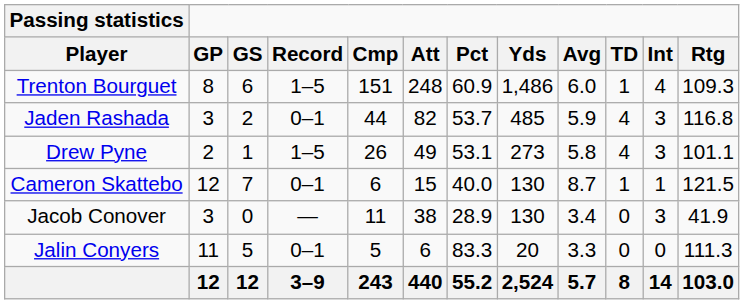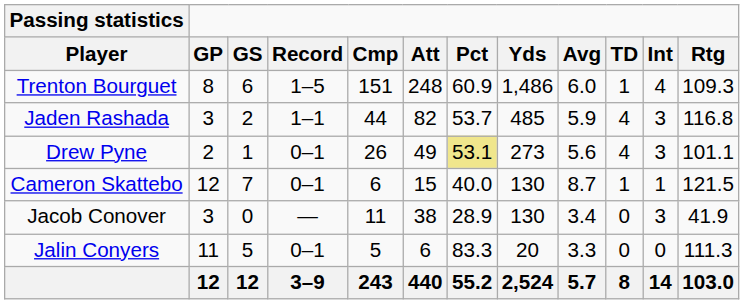 <table class="wikitable sortable" style="text-align:center;">
 <tr>
 <th style="text-align:center; ">Passing statistics</th>
 </tr>
 <tr>
 <th>Player</th>
 <th>GP</th>
 <th>GS</th>
 <th>Record</th>
 <th>Cmp</th>
 <th>Att</th>
 <th>Pct</th>
 <th>Yds</th>
 <th>Avg</th>
 <th>TD</th>
 <th>Int</th>
 <th>Rtg</th>
 </tr>
 <tr>
 <td><a href='#'>Trenton Bourguet</a></td>
 <td>8</td>
 <td>6</td>
 <td>1–5</td>
 <td>151</td>
 <td>248</td>
 <td>60.9</td>
 <td>1,486</td>
 <td>6.0</td>
 <td>1</td>
 <td>4</td>
 <td>109.3</td>
 </tr>
 <tr>
 <td><a href='#'>Jaden Rashada</a></td>
 <td>3</td>
 <td>2</td>
-<td>0–1</td>
+<td>1–1</td>
 <td>44</td>
 <td>82</td>
 <td>53.7</td>
 <td>485</td>
 <td>5.9</td>
 <td>4</td>
 <td>3</td>
 <td>116.8</td>
 </tr>
 <tr>
 <td><a href='#'>Drew Pyne</a></td>
 <td>2</td>
 <td>1</td>
-<td>1–5</td>
+<td>0–1</td>
 <td>26</td>
 <td>49</td>
-<td>53.1</td>
+<td style="background: khaki;">53.1</td>
 <td>273</td>
-<td>5.8</td>
+<td>5.6</td>
 <td>4</td>
 <td>3</td>
 <td>101.1</td>
 </tr>
 <tr>
 <td><a href='#'>Cameron Skattebo</a></td>
 <td>12</td>
 <td>7</td>
 <td>0–1</td>
 <td>6</td>
 <td>15</td>
 <td>40.0</td>
 <td>130</td>
 <td>8.7</td>
 <td>1</td>
 <td>1</td>
 <td>121.5</td>
 </tr>
 <tr>
 <td>Jacob Conover</td>
 <td>3</td>
 <td>0</td>
 <td>—</td>
 <td>11</td>
 <td>38</td>
 <td>28.9</td>
 <td>130</td>
 <td>3.4</td>
 <td>0</td>
 <td>3</td>
 <td>41.9</td>
 </tr>
 <tr>
 <td><a href='#'>Jalin Conyers</a></td>
 <td>11</td>
 <td>5</td>
 <td>0–1</td>
 <td>5</td>
 <td>6</td>
 <td>83.3</td>
 <td>20</td>
 <td>3.3</td>
 <td>0</td>
 <td>0</td>
 <td>111.3</td>
 </tr>
 <tr>
 <th colspan="1"></th>
 <th>12</th>
 <th>12</th>
 <th>3–9</th>
 <th>243</th>
 <th>440</th>
 <th>55.2</th>
 <th>2,524</th>
 <th>5.7</th>
 <th>8</th>
 <th>14</th>
 <th>103.0</th>
 </tr>
 </table>
